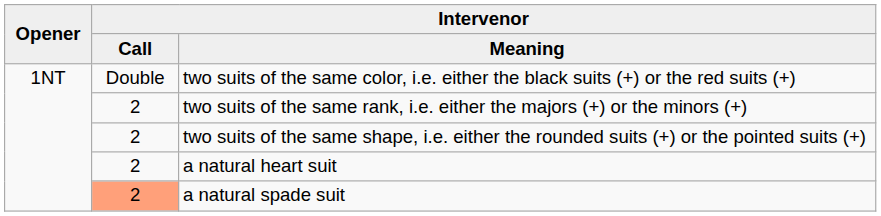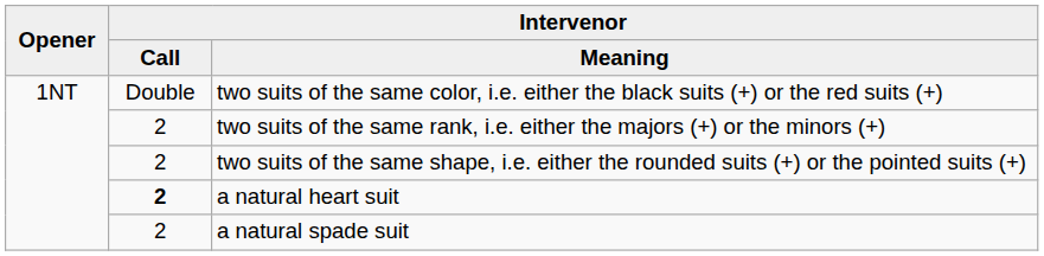 <table class="wikitable">
 <tr>
 <td rowspan=2 style="background: #EFEFEF" align=center width=10%><strong>Opener</strong></td>
 <td colspan="2" align=center style="background: #EFEFEF" width=85%><strong>Intervenor</strong></td>
 </tr>
 <tr>
 <td align=center style="background: #EFEFEF" width=10%><strong>Call</strong></td>
 <td align=center style="background: #EFEFEF" width=85%><strong>Meaning</strong></td>
 </tr>
 <tr align="left" valign="top">
 <td rowspan="5" align=center>1NT</td>
 <td align=center>Double</td>
 <td align="left">two suits of the same color, i.e. either the black suits (+) or the red suits (+)</td>
 </tr>
 <tr>
 <td valign=top align=center>2</td>
 <td>two suits of the same rank, i.e. either the majors (+) or the minors (+)</td>
 </tr>
 <tr>
 <td valign=top align=center>2</td>
 <td>two suits of the same shape, i.e. either the rounded suits (+) or the pointed suits (+) </td>
 </tr>
 <tr>
-<td valign=top align=center>2</td>
+<td valign=top align=center><strong>2</strong></td>
 <td>a natural heart suit</td>
 </tr>
 <tr>
-<td Valign=top align=center style="background: lightsalmon;">2</td>
+<td Valign=top align=center>2</td>
 <td>a natural spade suit</td>
 </tr>
 </table>
